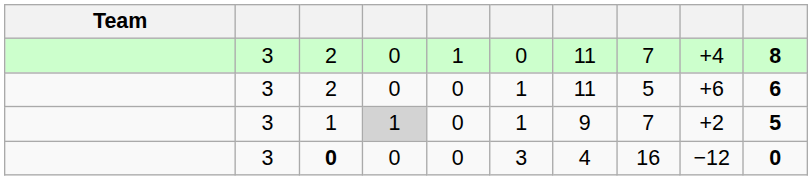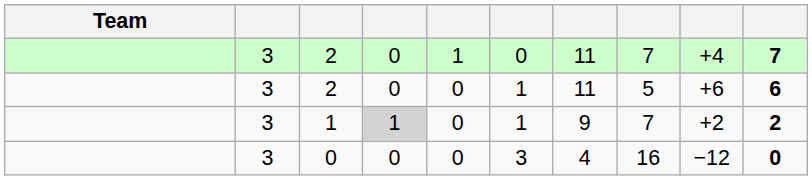 <table class="wikitable" style="text-align:center;">
 <tr>
 <th width=165>Team</th>
 <th width=40></th>
 <th width=40></th>
 <th width=40></th>
 <th width=40></th>
 <th width=40></th>
 <th width=40></th>
 <th width=40></th>
 <th width=40></th>
 <th width=40></th>
 </tr>
 <tr bgcolor=ccffcc>
 <td style="text-align:left;"></td>
 <td>3</td>
 <td>2</td>
 <td>0</td>
 <td>1</td>
 <td>0</td>
 <td>11</td>
 <td>7</td>
 <td>+4</td>
-<td><strong>8</strong></td>
+<td><strong>7</strong></td>
 </tr>
 <tr>
 <td style="text-align:left;"></td>
 <td>3</td>
 <td>2</td>
 <td>0</td>
 <td>0</td>
 <td>1</td>
 <td>11</td>
 <td>5</td>
 <td>+6</td>
 <td><strong>6</strong></td>
 </tr>
 <tr>
 <td style="text-align:left;"></td>
 <td>3</td>
 <td>1</td>
 <td style="background: lightgrey;">1</td>
 <td>0</td>
 <td>1</td>
 <td>9</td>
 <td>7</td>
 <td>+2</td>
-<td><strong>5</strong></td>
+<td><strong>2</strong></td>
 </tr>
 <tr>
 <td style="text-align:left;"></td>
 <td>3</td>
-<td><strong>0</strong></td>
+<td>0</td>
 <td>0</td>
 <td>0</td>
 <td>3</td>
 <td>4</td>
 <td>16</td>
 <td>−12</td>
 <td><strong>0</strong></td>
 </tr>
 </table>
